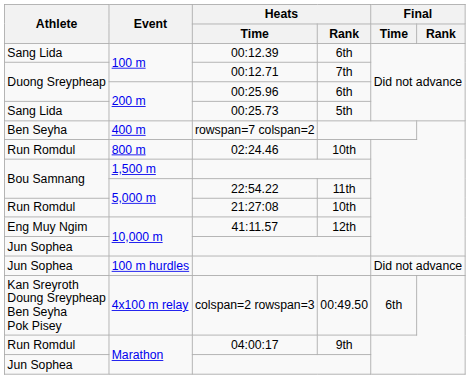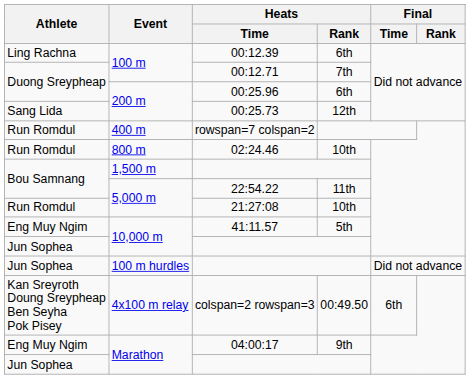 <table class="wikitable" style="font-size:90%">
 <tr>
 <th rowspan=2>Athlete</th>
 <th rowspan=2>Event</th>
 <th colspan=2>Heats</th>
 <th colspan=2>Final</th>
 </tr>
 <tr>
 <th>Time</th>
 <th>Rank</th>
 <th>Time</th>
 <th>Rank</th>
 </tr>
 <tr align=center>
-<td align=left>Sang Lida</td>
+<td align=left>Ling Rachna</td>
 <td rowspan=2 align=left><a href='#'>100 m</a></td>
 <td>00:12.39</td>
 <td>6th</td>
 <td rowspan=4 colspan=2>Did not advance</td>
 </tr>
 <tr align=center>
 <td rowspan=2 align=left>Duong Sreypheap</td>
 <td>00:12.71</td>
 <td>7th</td>
 </tr>
 <tr align=center>
 <td rowspan=2 align=left><a href='#'>200 m</a></td>
 <td>00:25.96</td>
 <td>6th</td>
 </tr>
 <tr align=center>
 <td align=left>Sang Lida</td>
 <td>00:25.73</td>
-<td>5th</td>
+<td>12th</td>
 </tr>
 <tr align=center>
-<td align=left>Ben Seyha</td>
+<td align=left>Run Romdul</td>
 <td align=left><a href='#'>400 m</a></td>
 <td>rowspan=7 colspan=2 </td>
 <td colspan=2></td>
 </tr>
 <tr align=center>
 <td align=left>Run Romdul</td>
 <td align=left><a href='#'>800 m</a></td>
 <td>02:24.46</td>
 <td>10th</td>
 </tr>
 <tr align=center>
 <td rowspan=2 align=left>Bou Samnang</td>
 <td align=left><a href='#'>1,500 m</a></td>
 <td colspan=2></td>
 </tr>
 <tr align=center>
 <td rowspan=2 align=left><a href='#'>5,000 m</a></td>
 <td>22:54.22</td>
 <td>11th</td>
 </tr>
 <tr align=center>
 <td align=left>Run Romdul</td>
 <td>21:27:08</td>
 <td>10th</td>
 </tr>
 <tr align=center>
 <td align=left>Eng Muy Ngim</td>
 <td rowspan=2 align=left><a href='#'>10,000 m</a></td>
 <td>41:11.57</td>
-<td>12th</td>
+<td>5th</td>
 </tr>
 <tr align=center>
 <td align=left>Jun Sophea</td>
 <td colspan=2></td>
 </tr>
 <tr align=center>
 <td align=left>Jun Sophea</td>
 <td align=left><a href='#'>100 m hurdles</a></td>
 <td colspan=2></td>
 <td colspan=2>Did not advance</td>
 </tr>
 <tr align=center>
 <td align=left>Kan Sreyroth<br>Doung Sreypheap<br>Ben Seyha<br>Pok Pisey</td>
 <td align=left><a href='#'>4x100 m relay</a></td>
 <td>colspan=2 rowspan=3 </td>
 <td>00:49.50</td>
 <td>6th</td>
 </tr>
 <tr align=center>
-<td align=left>Run Romdul</td>
+<td align=left>Eng Muy Ngim</td>
 <td rowspan=2 align=left><a href='#'>Marathon</a></td>
 <td>04:00:17</td>
 <td>9th</td>
 </tr>
 <tr align=center>
 <td align=left>Jun Sophea</td>
 <td colspan=2></td>
 </tr>
 </table>
